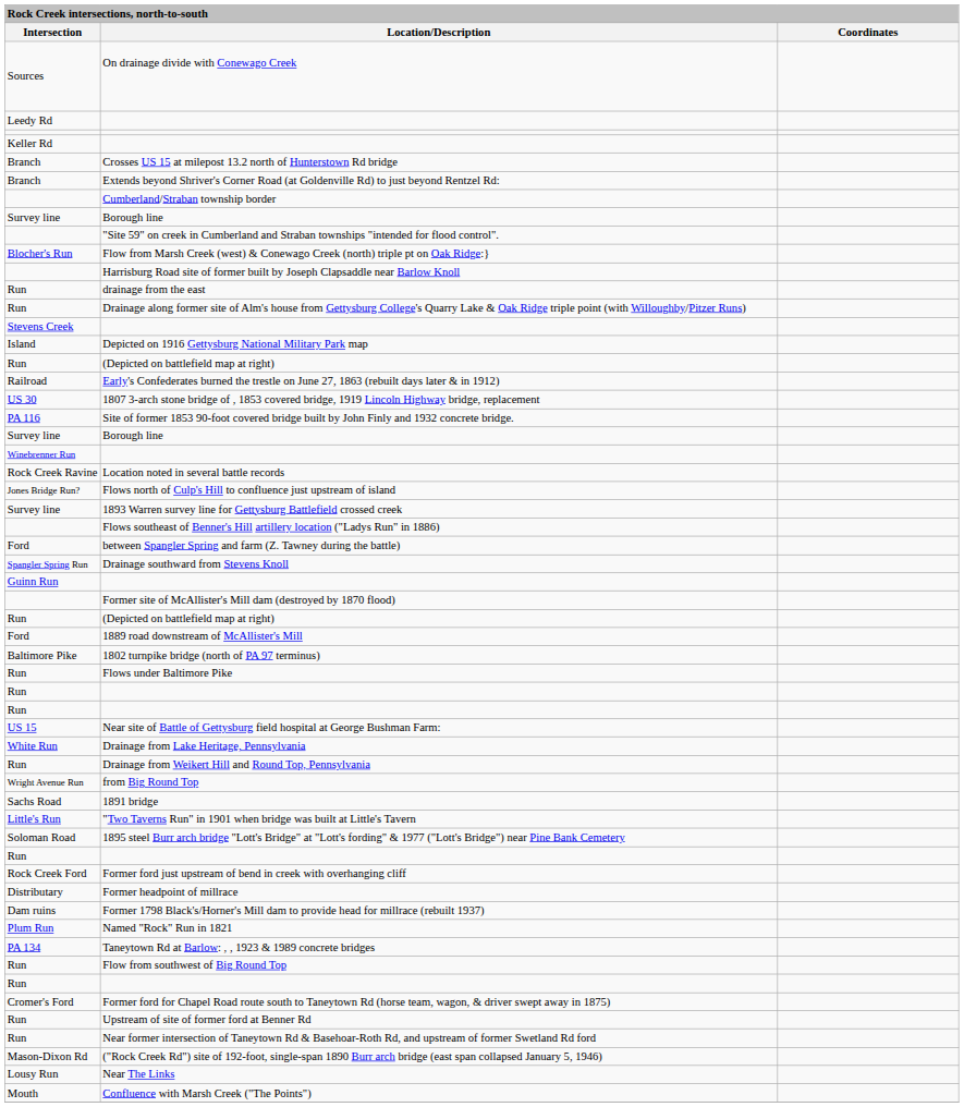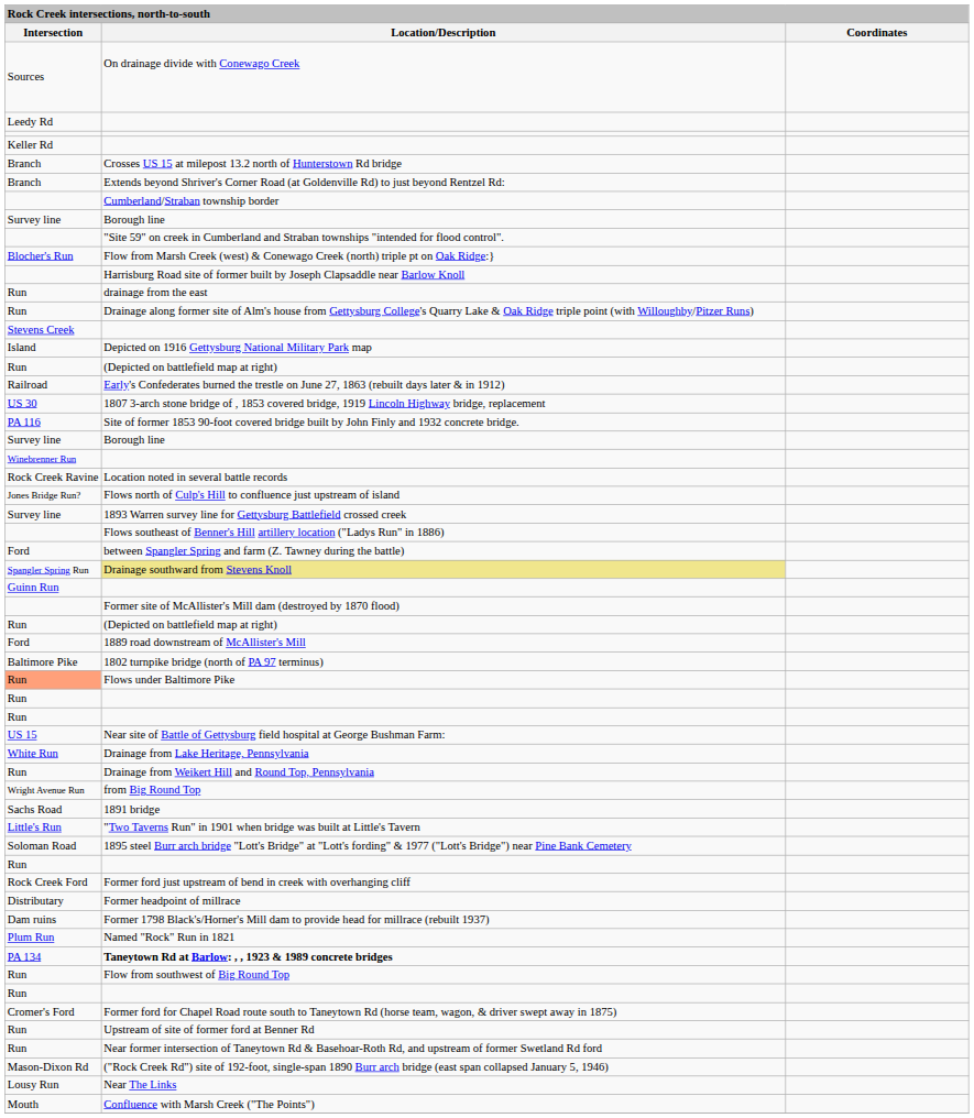 <table class="wikitable">
 <tr>
 <td colspan="6" bgcolor="silver"><strong>Rock Creek intersections, north-to-south</strong></td>
 </tr>
 <tr>
 <th width="10%">Intersection</th>
 <th>Location/Description</th>
 <th width="19%">Coordinates</th>
 </tr>
 <tr>
 <td>Sources</td>
 <td>On drainage divide with <a href='#'>Conewago Creek</a> <br><br><br></td>
 <td align=center><small></small><br><br> <br> <br> <br></td>
 </tr>
 <tr>
 <td>Leedy Rd</td>
 <td></td>
 <td align=center><small></small></td>
 </tr>
 <tr>
 <td></td>
 <td></td>
 <td align=center><small></small></td>
 </tr>
 <tr>
 <td>Keller Rd</td>
 <td></td>
 <td align=center><small></small></td>
 </tr>
 <tr>
 <td>Branch</td>
 <td>Crosses  <a href='#'>US 15</a> at milepost 13.2 north of <a href='#'>Hunterstown</a> Rd bridge</td>
 <td align=right><small></small></td>
 </tr>
 <tr>
 <td>Branch</td>
 <td>Extends beyond Shriver's Corner Road (at Goldenville Rd) to just beyond Rentzel Rd: <small></small></td>
 <td align=left><small></small></td>
 </tr>
 <tr>
 <td><small></small></td>
 <td><a href='#'>Cumberland</a>/<a href='#'>Straban</a> township border</td>
 <td align=center><small></small></td>
 </tr>
 <tr>
 <td>Survey line</td>
 <td>Borough line</td>
 <td></td>
 </tr>
 <tr>
 <td></td>
 <td>"Site 59" on creek in Cumberland and Straban townships "intended for flood control".</td>
 <td></td>
 </tr>
 <tr>
 <td><a href='#'>Blocher's Run</a></td>
 <td>Flow from Marsh Creek (west) & Conewago Creek (north) triple pt on <a href='#'>Oak Ridge</a>:<small></small>}</td>
 <td align=left><small></small></td>
 </tr>
 <tr>
 <td></td>
 <td>Harrisburg Road site of former  built by Joseph Clapsaddle near <a href='#'>Barlow Knoll</a></td>
 <td align=center><small></small></td>
 </tr>
 <tr>
 <td>Run</td>
 <td>drainage from the east</td>
 <td align=right></td>
 </tr>
 <tr>
 <td>Run</td>
 <td>Drainage along former site of Alm's house from <a href='#'>Gettysburg College</a>'s Quarry Lake & <a href='#'>Oak Ridge</a> triple point (with <a href='#'>Willoughby</a>/<a href='#'>Pitzer Runs</a>)</td>
 <td align=left><small></small></td>
 </tr>
 <tr>
 <td><a href='#'>Stevens Creek</a></td>
 <td></td>
 <td align=left><small></small></td>
 </tr>
 <tr>
 <td>Island</td>
 <td>Depicted on 1916 <a href='#'>Gettysburg National Military Park</a> map</td>
 <td></td>
 </tr>
 <tr>
 <td>Run</td>
 <td>(Depicted on battlefield map at right)</td>
 <td></td>
 </tr>
 <tr>
 <td>Railroad</td>
 <td><a href='#'>Early</a>'s Confederates burned the trestle on June 27, 1863 (rebuilt days later & in 1912)</td>
 <td></td>
 </tr>
 <tr>
 <td> <a href='#'>US 30</a></td>
 <td>1807 3-arch  stone bridge of , 1853 covered bridge,  1919 <a href='#'>Lincoln Highway</a> bridge, replacement </td>
 <td align=center><small></small></td>
 </tr>
 <tr>
 <td> <a href='#'>PA 116</a></td>
 <td>Site of former 1853 90-foot covered bridge built by John Finly and 1932 concrete bridge.</td>
 <td align=center><small></small></td>
 </tr>
 <tr>
 <td>Survey line</td>
 <td>Borough line</td>
 <td></td>
 </tr>
 <tr>
 <td><small><a href='#'>Winebrenner Run</a></small></td>
 <td></td>
 <td align=center><small></small></td>
 </tr>
 <tr>
 <td>Rock Creek Ravine</td>
 <td>Location noted in several battle records</td>
 <td align=center><small></small></td>
 </tr>
 <tr>
 <td><small>Jones Bridge Run?</small></td>
 <td>Flows north of <a href='#'>Culp's Hill</a> to confluence just upstream of island</td>
 <td align=left><small></small></td>
 </tr>
 <tr>
 <td>Survey line</td>
 <td>1893 Warren survey line for <a href='#'>Gettysburg Battlefield</a> crossed creek </td>
 <td></td>
 </tr>
 <tr>
 <td></td>
 <td>Flows southeast of <a href='#'>Benner's Hill</a> <a href='#'>artillery location</a> ("Ladys Run" in 1886)</td>
 <td align=center><small></small></td>
 </tr>
 <tr>
 <td>Ford</td>
 <td>between <a href='#'>Spangler Spring</a> and farm (Z. Tawney during the battle)</td>
 <td></td>
 </tr>
 <tr>
 <td><small><a href='#'>Spangler Spring</a> Run</small></td>
-<td>Drainage southward from <a href='#'>Stevens Knoll</a></td>
+<td style="background: khaki;">Drainage southward from <a href='#'>Stevens Knoll</a></td>
 <td align=left><small></small></td>
 </tr>
 <tr>
 <td><a href='#'>Guinn Run</a></td>
 <td></td>
 <td align=left><small></small></td>
 </tr>
 <tr>
 <td></td>
 <td>Former site of McAllister's Mill dam (destroyed by 1870 flood)</td>
 <td></td>
 </tr>
 <tr>
 <td>Run</td>
 <td>(Depicted on battlefield map at right)</td>
 <td></td>
 </tr>
 <tr>
 <td>Ford</td>
 <td>1889 road downstream of <a href='#'>McAllister's Mill</a></td>
 <td></td>
 </tr>
 <tr>
 <td>Baltimore Pike</td>
 <td>1802 turnpike bridge (north of <a href='#'>PA 97</a> terminus)</td>
 <td align=center><small></small></td>
 </tr>
 <tr>
-<td>Run</td>
+<td style="background: lightsalmon;">Run</td>
 <td>Flows under Baltimore Pike</td>
 <td align=right><small></small></td>
 </tr>
 <tr>
 <td>Run</td>
 <td></td>
 <td align=right><small></small></td>
 </tr>
 <tr>
 <td>Run</td>
 <td></td>
 <td align=right><small></small></td>
 </tr>
 <tr>
 <td> <a href='#'>US 15</a></td>
 <td>Near site of <a href='#'>Battle of Gettysburg</a> field hospital at George Bushman Farm:<small></small></td>
 <td></td>
 </tr>
 <tr>
 <td><a href='#'>White Run</a></td>
 <td>Drainage from <a href='#'>Lake Heritage, Pennsylvania</a></td>
 <td align=right><small></small></td>
 </tr>
 <tr>
 <td>Run</td>
 <td>Drainage from <a href='#'>Weikert Hill</a> and <a href='#'>Round Top, Pennsylvania</a></td>
 <td align=left><small></small></td>
 </tr>
 <tr>
 <td><small>Wright Avenue Run</small></td>
 <td>from <a href='#'>Big Round Top</a></td>
 <td></td>
 </tr>
 <tr>
 <td>Sachs Road</td>
 <td>1891 bridge</td>
 <td align=center><small></small></td>
 </tr>
 <tr>
 <td><a href='#'>Little's Run</a></td>
 <td>"<a href='#'>Two Taverns</a> Run" in 1901  when bridge was built at Little's Tavern  </td>
 <td align=right><small></small></td>
 </tr>
 <tr>
 <td>Soloman Road</td>
 <td>1895 steel <a href='#'>Burr arch bridge</a> "Lott's Bridge" at "Lott's fording" & 1977 ("Lott's Bridge") near <a href='#'>Pine Bank Cemetery</a></td>
 <td align=center><small></small></td>
 </tr>
 <tr>
 <td>Run</td>
 <td></td>
 <td align=left><small></small></td>
 </tr>
 <tr>
 <td>Rock Creek Ford</td>
 <td>Former ford just upstream of bend in creek with overhanging cliff</td>
 <td align=center><small></small></td>
 </tr>
 <tr>
 <td>Distributary</td>
 <td>Former headpoint of millrace</td>
 <td align=right><small></small></td>
 </tr>
 <tr>
 <td>Dam ruins</td>
 <td>Former 1798 Black's/Horner's Mill dam to provide head for millrace (rebuilt 1937)</td>
 <td align=center><small></small></td>
 </tr>
 <tr>
 <td><a href='#'>Plum Run</a></td>
 <td>Named "Rock" Run in 1821</td>
 <td align=left><small></small></td>
 </tr>
 <tr>
 <td> <a href='#'>PA 134</a></td>
-<td>Taneytown Rd at <a href='#'>Barlow</a>: , , 1923 & 1989 concrete bridges</td>
+<td><strong>Taneytown Rd at <a href='#'>Barlow</a>: , , 1923 & 1989 concrete bridges</strong></td>
 <td align=center><small></small></td>
 </tr>
 <tr>
 <td>Run</td>
 <td>Flow from southwest of <a href='#'>Big Round Top</a></td>
 <td align=left><small></small></td>
 </tr>
 <tr>
 <td>Run</td>
 <td></td>
 <td align=left><small></small></td>
 </tr>
 <tr>
 <td>Cromer's Ford</td>
 <td>Former ford for Chapel Road route south to Taneytown Rd (horse team, wagon, & driver swept away in 1875)</td>
 <td align=center><small></small></td>
 </tr>
 <tr>
 <td>Run</td>
 <td>Upstream of site of former ford at Benner Rd</td>
 <td align=center><small></small></td>
 </tr>
 <tr>
 <td>Run</td>
 <td>Near former intersection of Taneytown Rd & Basehoar-Roth Rd, and upstream of former Swetland Rd ford</td>
 <td align=right><small></small></td>
 </tr>
 <tr>
 <td>Mason-Dixon Rd</td>
 <td>("Rock Creek Rd") site of 192-foot, single-span 1890 <a href='#'>Burr arch</a> bridge (east span collapsed January 5, 1946)</td>
 <td align=center><small></small></td>
 </tr>
 <tr>
 <td>Lousy Run</td>
 <td>Near <a href='#'>The Links</a></td>
 <td align=right><small></small></td>
 </tr>
 <tr>
 <td>Mouth</td>
 <td><a href='#'>Confluence</a> with Marsh Creek ("The Points")</td>
 <td align=left><small></small></td>
 </tr>
 <tr>
 </tr>
 </table>
